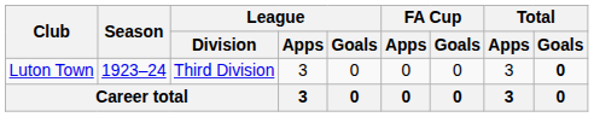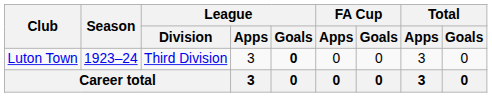 <table class="wikitable" style="text-align: center;">
 <tr>
 <th rowspan="2">Club</th>
 <th rowspan="2">Season</th>
 <th colspan="3">League</th>
 <th colspan="2">FA Cup</th>
 <th colspan="2">Total</th>
 </tr>
 <tr>
 <th>Division</th>
 <th>Apps</th>
 <th>Goals</th>
 <th>Apps</th>
 <th>Goals</th>
 <th>Apps</th>
 <th>Goals</th>
 </tr>
 <tr>
 <td><a href='#'>Luton Town</a></td>
 <td><a href='#'>1923–24</a></td>
 <td><a href='#'>Third Division</a></td>
 <td>3</td>
-<td>0</td>
+<td><strong>0</strong></td>
 <td>0</td>
 <td>0</td>
 <td>3</td>
-<td><strong>0</strong></td>
+<td>0</td>
 </tr>
 <tr>
 <th colspan="3">Career total</th>
 <th>3</th>
 <th>0</th>
 <th>0</th>
 <th>0</th>
 <th>3</th>
 <th>0</th>
 </tr>
 </table>
